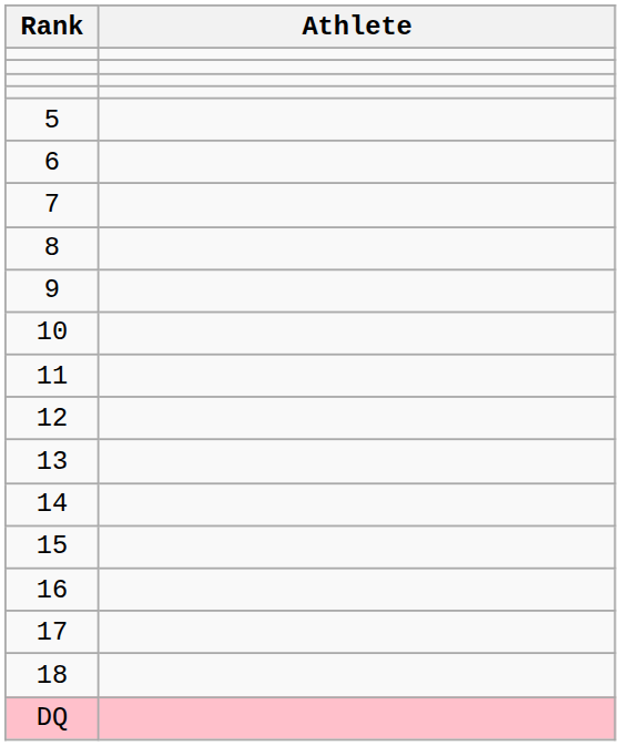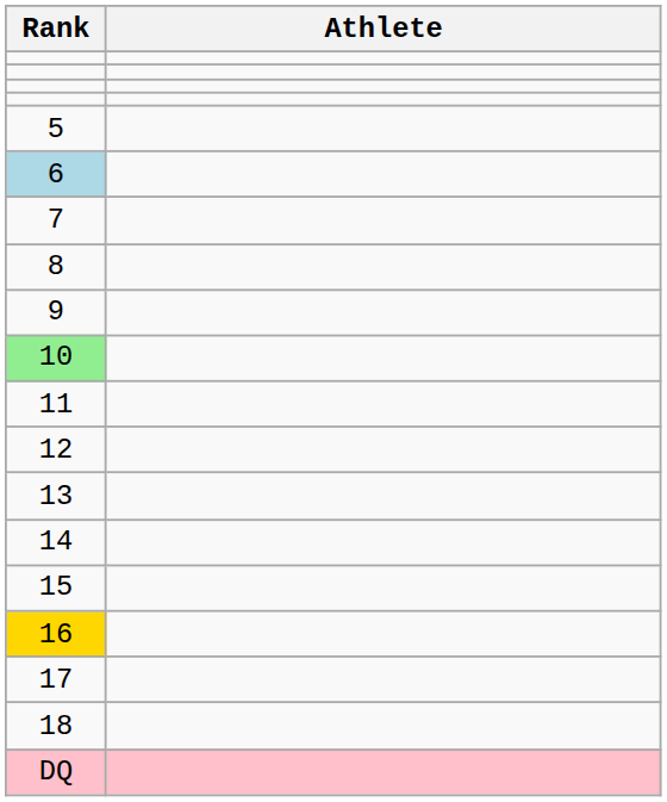 <table class="wikitable" style="text-align: center;">
 <tr>
 <th width=40>Rank</th>
 <th width=250>Athlete</th>
 </tr>
 <tr>
 <td></td>
 <td align="left"></td>
 </tr>
 <tr>
 <td></td>
 <td align="left"></td>
 </tr>
 <tr>
 <td></td>
 <td align="left"></td>
 </tr>
 <tr>
 <td></td>
 <td align="left"></td>
 </tr>
 <tr>
 <td>5</td>
 <td align="left"></td>
 </tr>
 <tr>
-<td>6</td>
+<td style="background: lightblue;">6</td>
 <td align="left"></td>
 </tr>
 <tr>
 <td>7</td>
 <td align="left"></td>
 </tr>
 <tr>
 <td>8</td>
 <td align="left"></td>
 </tr>
 <tr>
 <td>9</td>
 <td align="left"></td>
 </tr>
 <tr>
-<td>10</td>
+<td style="background: lightgreen;">10</td>
 <td align="left"></td>
 </tr>
 <tr>
 <td>11</td>
 <td align="left"></td>
 </tr>
 <tr>
 <td>12</td>
 <td align="left"></td>
 </tr>
 <tr>
 <td>13</td>
 <td align="left"></td>
 </tr>
 <tr>
 <td>14</td>
 <td align="left"></td>
 </tr>
 <tr>
 <td>15</td>
 <td align="left"></td>
 </tr>
 <tr>
-<td>16</td>
+<td style="background: gold;">16</td>
 <td align="left"></td>
 </tr>
 <tr>
 <td>17</td>
 <td align="left"></td>
 </tr>
 <tr>
 <td>18</td>
 <td align="left"></td>
 </tr>
 <tr bgcolor=pink>
 <td>DQ</td>
 <td align="left"></td>
 </tr>
 </table>
